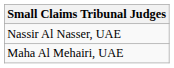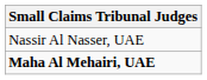 <table class="wikitable">
 <tr>
 <th>Small Claims Tribunal Judges</th>
 </tr>
 <tr>
 <td>Nassir Al Nasser, UAE</td>
 </tr>
 <tr>
-<td>Maha Al Mehairi, UAE</td>
+<td><strong>Maha Al Mehairi, UAE</strong></td>
 </tr>
 </table>
